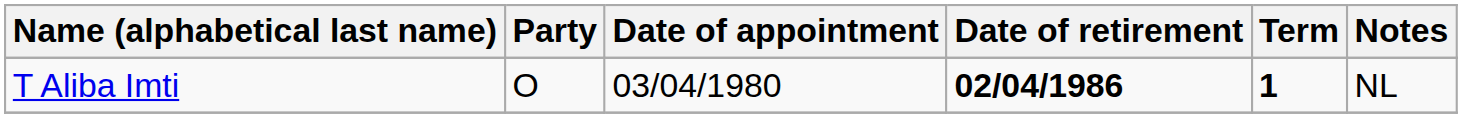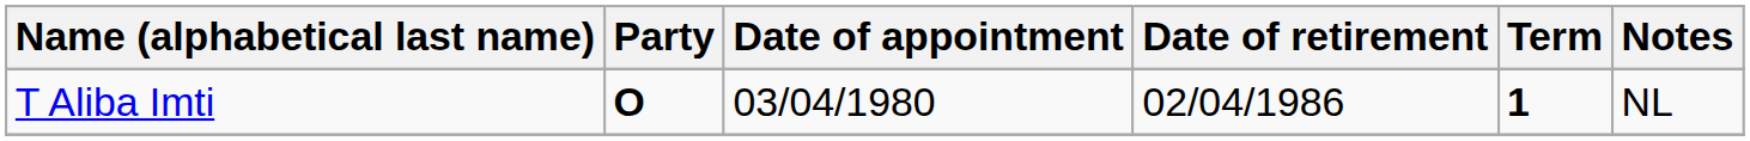 <table class="wikitable sortable">
 <tr>
 <th>Name (alphabetical last name)</th>
 <th>Party</th>
 <th>Date of appointment</th>
 <th>Date of retirement</th>
 <th>Term</th>
 <th>Notes</th>
 </tr>
 <tr>
 </tr>
 <tr>
 <td><a href='#'>T Aliba Imti</a></td>
-<td>O</td>
+<td><strong>O</strong></td>
 <td>03/04/1980</td>
-<td><strong>02/04/1986</strong></td>
+<td>02/04/1986</td>
 <td><strong>1</strong></td>
 <td>NL</td>
 </tr>
 <tr>
 </tr>
 </table>
